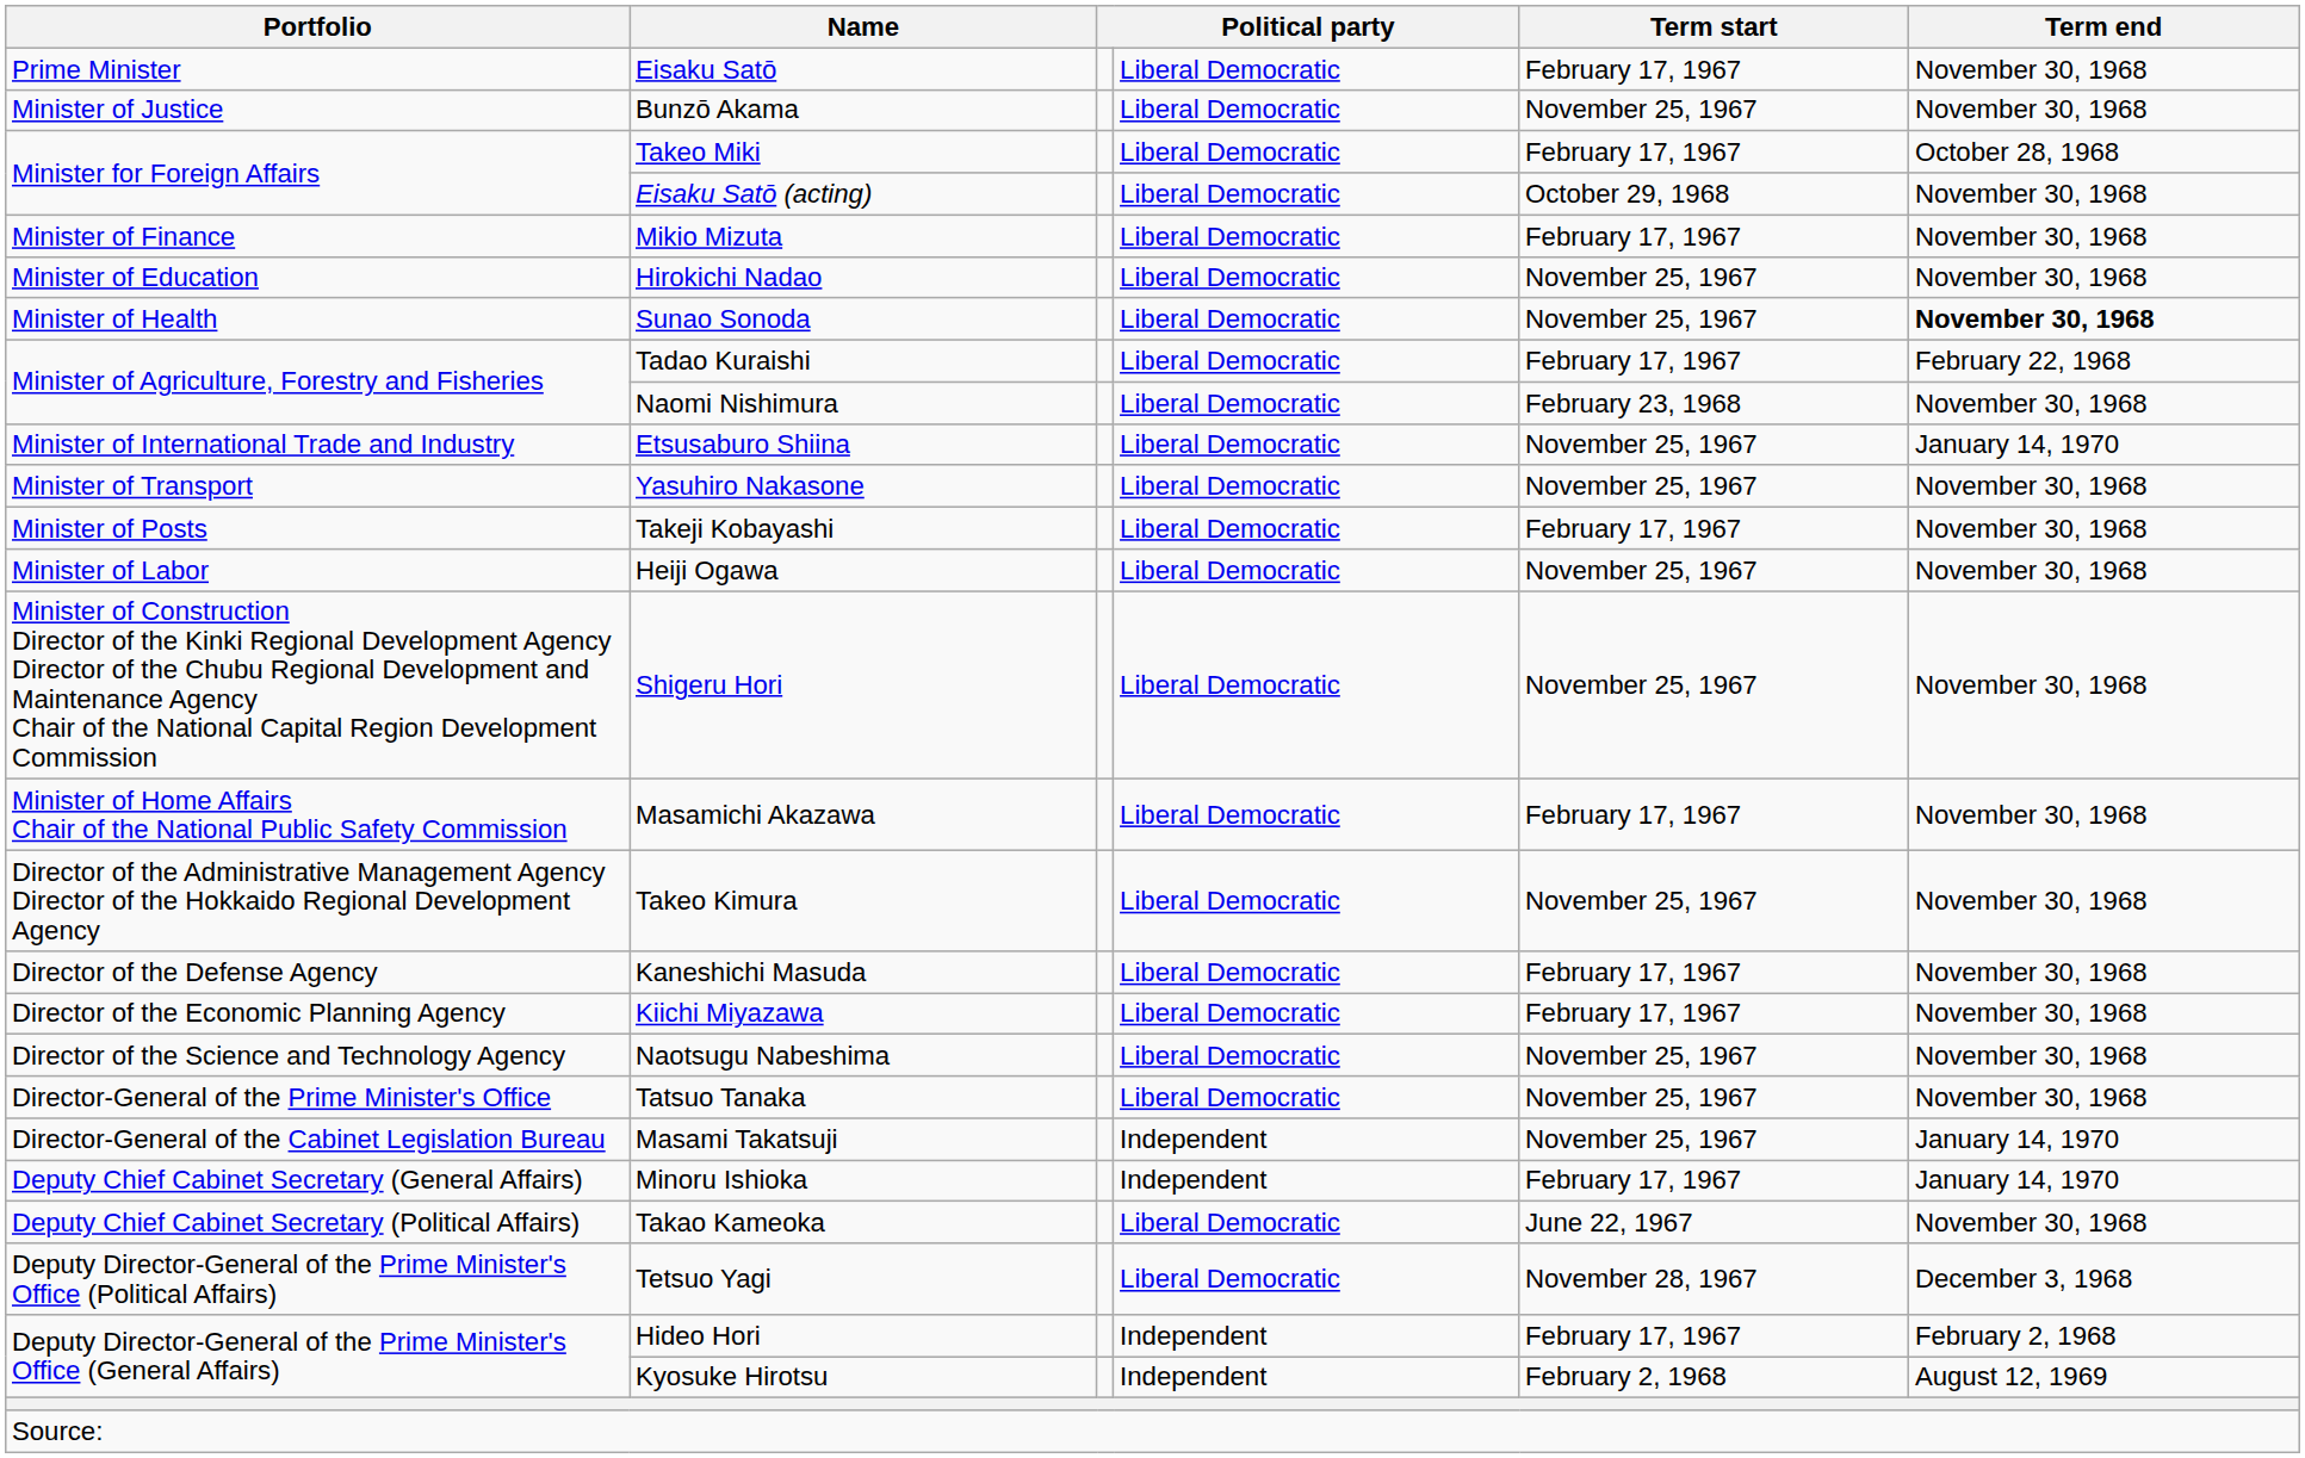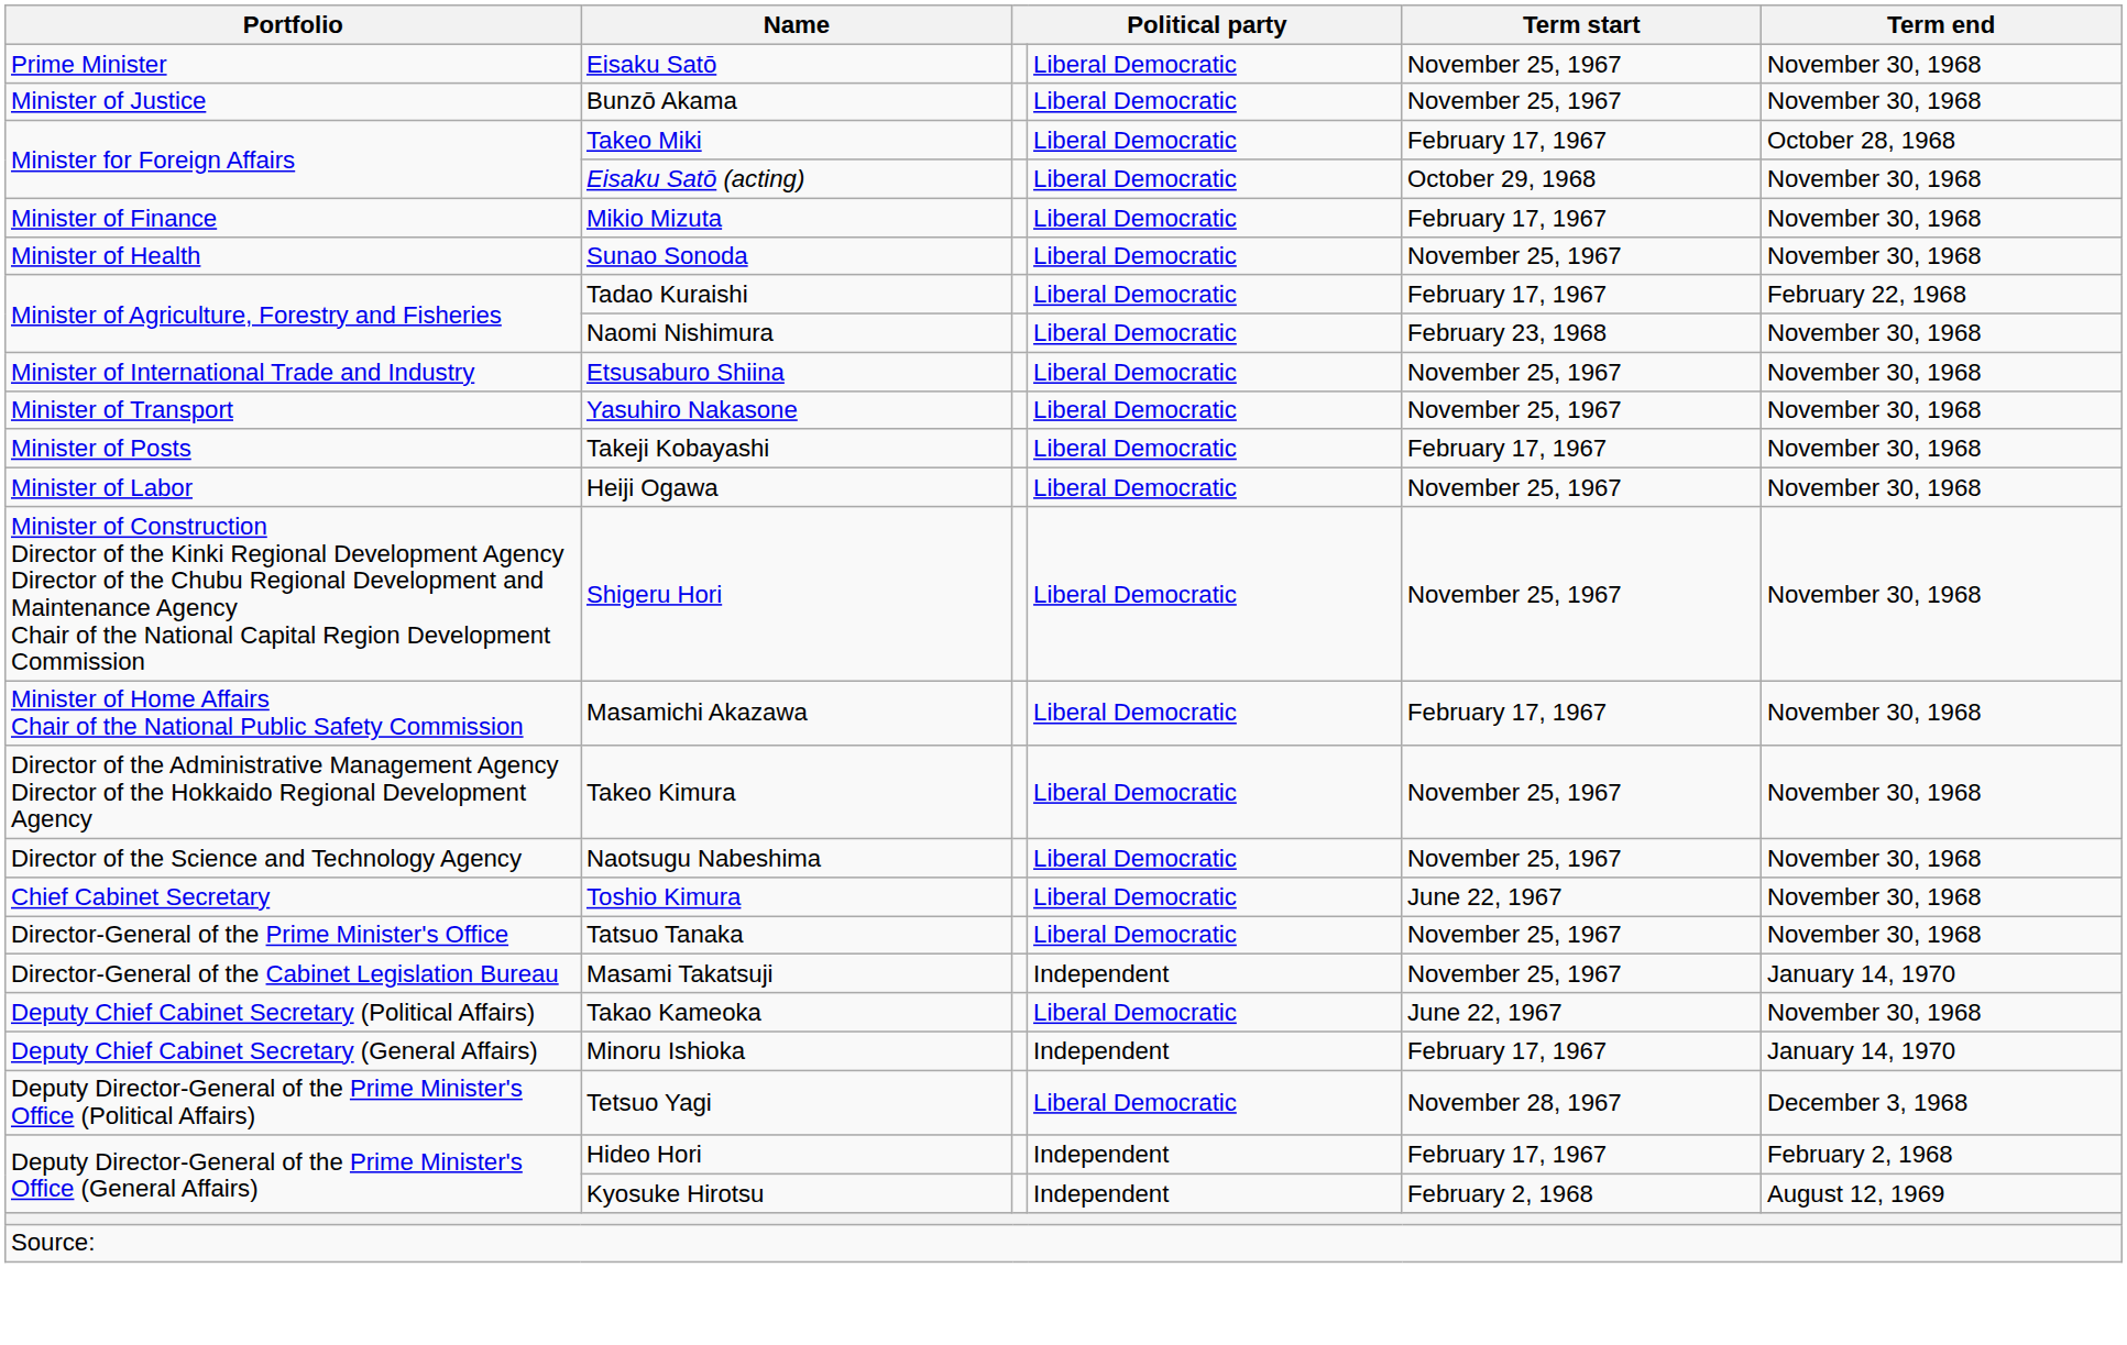 <table class="wikitable unsortable" style="font-size: 90%;">
 <tr>
 <th width="20%" scope="col">Portfolio</th>
 <th width="15%" scope="col">Name</th>
 <th colspan="2" width="13.5%" scope="col">Political party</th>
 <th width="12.5%" scope="col">Term start</th>
 <th width="12.5%" scope="col">Term end</th>
 </tr>
 <tr>
 <td style="text-align: left;"><a href='#'>Prime Minister</a></td>
 <td><a href='#'>Eisaku Satō</a></td>
 <td width="0.5%" style="background:"></td>
 <td><a href='#'>Liberal Democratic</a></td>
-<td>February 17, 1967</td>
+<td>November 25, 1967</td>
 <td>November 30, 1968</td>
 </tr>
 <tr>
 <td><a href='#'>Minister of Justice</a></td>
 <td>Bunzō Akama</td>
 <td style="color:inherit;background:"></td>
 <td><a href='#'>Liberal Democratic</a></td>
 <td>November 25, 1967</td>
 <td>November 30, 1968</td>
 </tr>
 <tr>
 <td rowspan="2"><a href='#'>Minister for Foreign Affairs</a></td>
 <td><a href='#'>Takeo Miki</a></td>
 <td style="color:inherit;background:"></td>
 <td><a href='#'>Liberal Democratic</a></td>
 <td>February 17, 1967</td>
 <td>October 28, 1968</td>
 </tr>
 <tr>
 <td><em><a href='#'>Eisaku Satō</a> (acting)</em></td>
 <td style="color:inherit;background:"></td>
 <td><a href='#'>Liberal Democratic</a></td>
 <td>October 29, 1968</td>
 <td>November 30, 1968</td>
 </tr>
 <tr>
 <td><a href='#'>Minister of Finance</a></td>
 <td><a href='#'>Mikio Mizuta</a></td>
 <td style="color:inherit;background:"></td>
 <td><a href='#'>Liberal Democratic</a></td>
 <td>February 17, 1967</td>
 <td>November 30, 1968</td>
 </tr>
 <tr>
-<td><a href='#'>Minister of Education</a></td>
-<td><a href='#'>Hirokichi Nadao</a></td>
-<td style="color:inherit;background:"></td>
-<td><a href='#'>Liberal Democratic</a></td>
-<td>November 25, 1967</td>
-<td>November 30, 1968</td>
-</tr>
-<tr>
 <td><a href='#'>Minister of Health</a></td>
 <td><a href='#'>Sunao Sonoda</a></td>
 <td style="color:inherit;background:"></td>
 <td><a href='#'>Liberal Democratic</a></td>
 <td>November 25, 1967</td>
-<td><strong>November 30, 1968</strong></td>
+<td>November 30, 1968</td>
 </tr>
 <tr>
 <td rowspan="2"><a href='#'>Minister of Agriculture, Forestry and Fisheries</a></td>
 <td>Tadao Kuraishi</td>
 <td style="color:inherit;background:"></td>
 <td><a href='#'>Liberal Democratic</a></td>
 <td>February 17, 1967</td>
 <td>February 22, 1968</td>
 </tr>
 <tr>
 <td>Naomi Nishimura</td>
 <td style="color:inherit;background:"></td>
 <td><a href='#'>Liberal Democratic</a></td>
 <td>February 23, 1968</td>
 <td>November 30, 1968</td>
 </tr>
 <tr>
 <td><a href='#'>Minister of International Trade and Industry</a></td>
 <td><a href='#'>Etsusaburo Shiina</a></td>
 <td style="color:inherit;background:"></td>
 <td><a href='#'>Liberal Democratic</a></td>
 <td>November 25, 1967</td>
-<td>January 14, 1970</td>
+<td>November 30, 1968</td>
 </tr>
 <tr>
 <td><a href='#'>Minister of Transport</a></td>
 <td><a href='#'>Yasuhiro Nakasone</a></td>
 <td style="color:inherit;background:"></td>
 <td><a href='#'>Liberal Democratic</a></td>
 <td>November 25, 1967</td>
 <td>November 30, 1968</td>
 </tr>
 <tr>
 <td><a href='#'>Minister of Posts</a></td>
 <td>Takeji Kobayashi</td>
 <td style="color:inherit;background:"></td>
 <td><a href='#'>Liberal Democratic</a></td>
 <td>February 17, 1967</td>
 <td>November 30, 1968</td>
 </tr>
 <tr>
 <td><a href='#'>Minister of Labor</a></td>
 <td>Heiji Ogawa</td>
 <td style="color:inherit;background:"></td>
 <td><a href='#'>Liberal Democratic</a></td>
 <td>November 25, 1967</td>
 <td>November 30, 1968</td>
 </tr>
 <tr>
 <td><a href='#'>Minister of Construction</a><br>Director of the Kinki Regional Development Agency<br>Director of the Chubu Regional Development and Maintenance Agency<br>Chair of the National Capital Region Development Commission</td>
 <td><a href='#'>Shigeru Hori</a></td>
 <td style="color:inherit;background:"></td>
 <td><a href='#'>Liberal Democratic</a></td>
 <td>November 25, 1967</td>
 <td>November 30, 1968</td>
 </tr>
 <tr>
 <td><a href='#'>Minister of Home Affairs</a><br><a href='#'>Chair of the National Public Safety Commission</a></td>
 <td>Masamichi Akazawa</td>
 <td style="color:inherit;background:"></td>
 <td><a href='#'>Liberal Democratic</a></td>
 <td>February 17, 1967</td>
 <td>November 30, 1968</td>
 </tr>
 <tr>
 <td>Director of the Administrative Management Agency<br>Director of the Hokkaido Regional Development Agency</td>
 <td>Takeo Kimura</td>
 <td style="color:inherit;background:"></td>
 <td><a href='#'>Liberal Democratic</a></td>
 <td>November 25, 1967</td>
 <td>November 30, 1968</td>
 </tr>
 <tr>
-<td>Director of the Defense Agency</td>
-<td>Kaneshichi Masuda</td>
-<td style="color:inherit;background:"></td>
-<td><a href='#'>Liberal Democratic</a></td>
-<td>February 17, 1967</td>
-<td>November 30, 1968</td>
-</tr>
-<tr>
-<td>Director of the Economic Planning Agency</td>
-<td><a href='#'>Kiichi Miyazawa</a></td>
-<td style="color:inherit;background:"></td>
-<td><a href='#'>Liberal Democratic</a></td>
-<td>February 17, 1967</td>
-<td>November 30, 1968</td>
-</tr>
-<tr>
 <td>Director of the Science and Technology Agency</td>
 <td>Naotsugu Nabeshima</td>
 <td style="color:inherit;background:"></td>
 <td><a href='#'>Liberal Democratic</a></td>
 <td>November 25, 1967</td>
+<td>November 30, 1968</td>
+</tr>
+<tr>
+<td><a href='#'>Chief Cabinet Secretary</a></td>
+<td><a href='#'>Toshio Kimura</a></td>
+<td style="color:inherit;background:"></td>
+<td><a href='#'>Liberal Democratic</a></td>
+<td>June 22, 1967</td>
 <td>November 30, 1968</td>
 </tr>
 <tr>
 <td>Director-General of the <a href='#'>Prime Minister's Office</a></td>
 <td>Tatsuo Tanaka</td>
 <td style="color:inherit;background:"></td>
 <td><a href='#'>Liberal Democratic</a></td>
 <td>November 25, 1967</td>
 <td>November 30, 1968</td>
 </tr>
 <tr>
 <td>Director-General of the <a href='#'>Cabinet Legislation Bureau</a></td>
 <td>Masami Takatsuji</td>
 <td style="color:inherit;background:"></td>
 <td>Independent</td>
 <td>November 25, 1967</td>
 <td>January 14, 1970</td>
 </tr>
 <tr>
+<td><a href='#'>Deputy Chief Cabinet Secretary</a> (Political Affairs)</td>
+<td>Takao Kameoka</td>
+<td style="color:inherit;background:"></td>
+<td><a href='#'>Liberal Democratic</a></td>
+<td>June 22, 1967</td>
+<td>November 30, 1968</td>
+</tr>
+<tr>
 <td><a href='#'>Deputy Chief Cabinet Secretary</a> (General Affairs)</td>
 <td>Minoru Ishioka</td>
 <td style="color:inherit;background:"></td>
 <td>Independent</td>
 <td>February 17, 1967</td>
 <td>January 14, 1970</td>
-</tr>
-<tr>
-<td><a href='#'>Deputy Chief Cabinet Secretary</a> (Political Affairs)</td>
-<td>Takao Kameoka</td>
-<td style="color:inherit;background:"></td>
-<td><a href='#'>Liberal Democratic</a></td>
-<td>June 22, 1967</td>
-<td>November 30, 1968</td>
 </tr>
 <tr>
 <td>Deputy Director-General of the <a href='#'>Prime Minister's Office</a> (Political Affairs)</td>
 <td>Tetsuo Yagi</td>
 <td style="color:inherit;background:"></td>
 <td><a href='#'>Liberal Democratic</a></td>
 <td>November 28, 1967</td>
 <td>December 3, 1968</td>
 </tr>
 <tr>
 <td rowspan="2">Deputy Director-General of the <a href='#'>Prime Minister's Office</a> (General Affairs)</td>
 <td>Hideo Hori</td>
 <td style="color:inherit;background:"></td>
 <td>Independent</td>
 <td>February 17, 1967</td>
 <td>February 2, 1968</td>
 </tr>
 <tr>
 <td>Kyosuke Hirotsu</td>
 <td style="color:inherit;background:"></td>
 <td>Independent</td>
 <td>February 2, 1968</td>
 <td>August 12, 1969</td>
 </tr>
 <tr>
 <th colspan="6"></th>
 </tr>
 <tr>
 <td colspan="6">Source:</td>
 </tr>
 </table>
